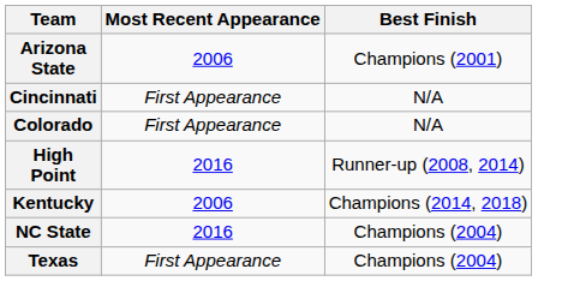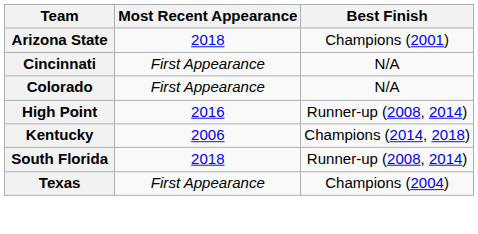 <table class="wikitable">
 <tr>
 <th>Team</th>
 <th>Most Recent Appearance</th>
 <th>Best Finish</th>
 </tr>
 <tr style="text-align:center;">
 <th width="75">Arizona State</th>
-<td><a href='#'>2006</a></td>
+<td><a href='#'>2018</a></td>
 <td>Champions (<a href='#'>2001</a>)</td>
 </tr>
 <tr style="text-align:center;">
 <th width="75">Cincinnati</th>
 <td><em>First Appearance</em></td>
 <td>N/A</td>
 </tr>
 <tr style="text-align:center;">
 <th width="75">Colorado</th>
 <td><em>First Appearance</em></td>
 <td>N/A</td>
 </tr>
 <tr style="text-align:center;">
 <th width="75">High Point</th>
 <td><a href='#'>2016</a></td>
 <td>Runner-up (<a href='#'>2008</a>, <a href='#'>2014</a>)</td>
 </tr>
 <tr style="text-align:center;">
 <th width="75">Kentucky</th>
 <td><a href='#'>2006</a></td>
 <td>Champions (<a href='#'>2014</a>, <a href='#'>2018</a>)</td>
 </tr>
 <tr style="text-align:center;">
-<th width="75">NC State</th>
-<td><a href='#'>2016</a></td>
-<td>Champions (<a href='#'>2004</a>)</td>
+<th width="110">South Florida</th>
+<td><a href='#'>2018</a></td>
+<td>Runner-up (<a href='#'>2008</a>, <a href='#'>2014</a>)</td>
 </tr>
 <tr style="text-align:center;">
 <th width="75">Texas</th>
 <td><em>First Appearance</em></td>
 <td>Champions (<a href='#'>2004</a>)</td>
 </tr>
 </table>
